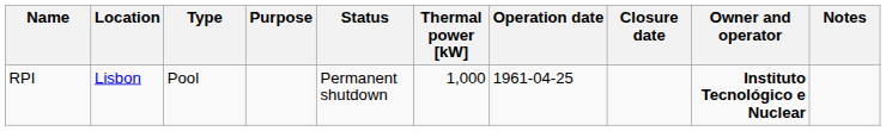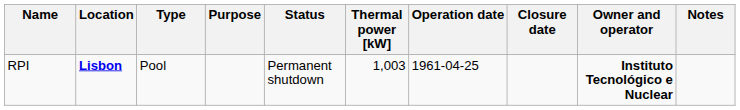 <table class="wikitable" >
 <tr valign="top">
 <th width="80">Name</th>
 <th width="65">Location</th>
 <th width="76">Type</th>
 <th width="65">Purpose</th>
 <th width="91">Status</th>
 <th width="70“">Thermal power [kW]</th>
 <th width=„67“>Operation date</th>
 <th width="78“">Closure date</th>
 <th width="113“">Owner and operator</th>
 <th width="65">Notes</th>
 </tr>
 <tr valign="top">
 <td>RPI</td>
-<td><a href='#'>Lisbon</a></td>
+<td><strong><a href='#'>Lisbon</a></strong></td>
 <td>Pool</td>
 <td></td>
 <td>Permanent shutdown</td>
-<td align="right">1,000</td>
+<td align="right">1,003</td>
 <td>1961-04-25</td>
 <td></td>
 <td align="right"><strong>Instituto Tecnológico e Nuclear</strong></td>
 <td></td>
 </tr>
 </table>
